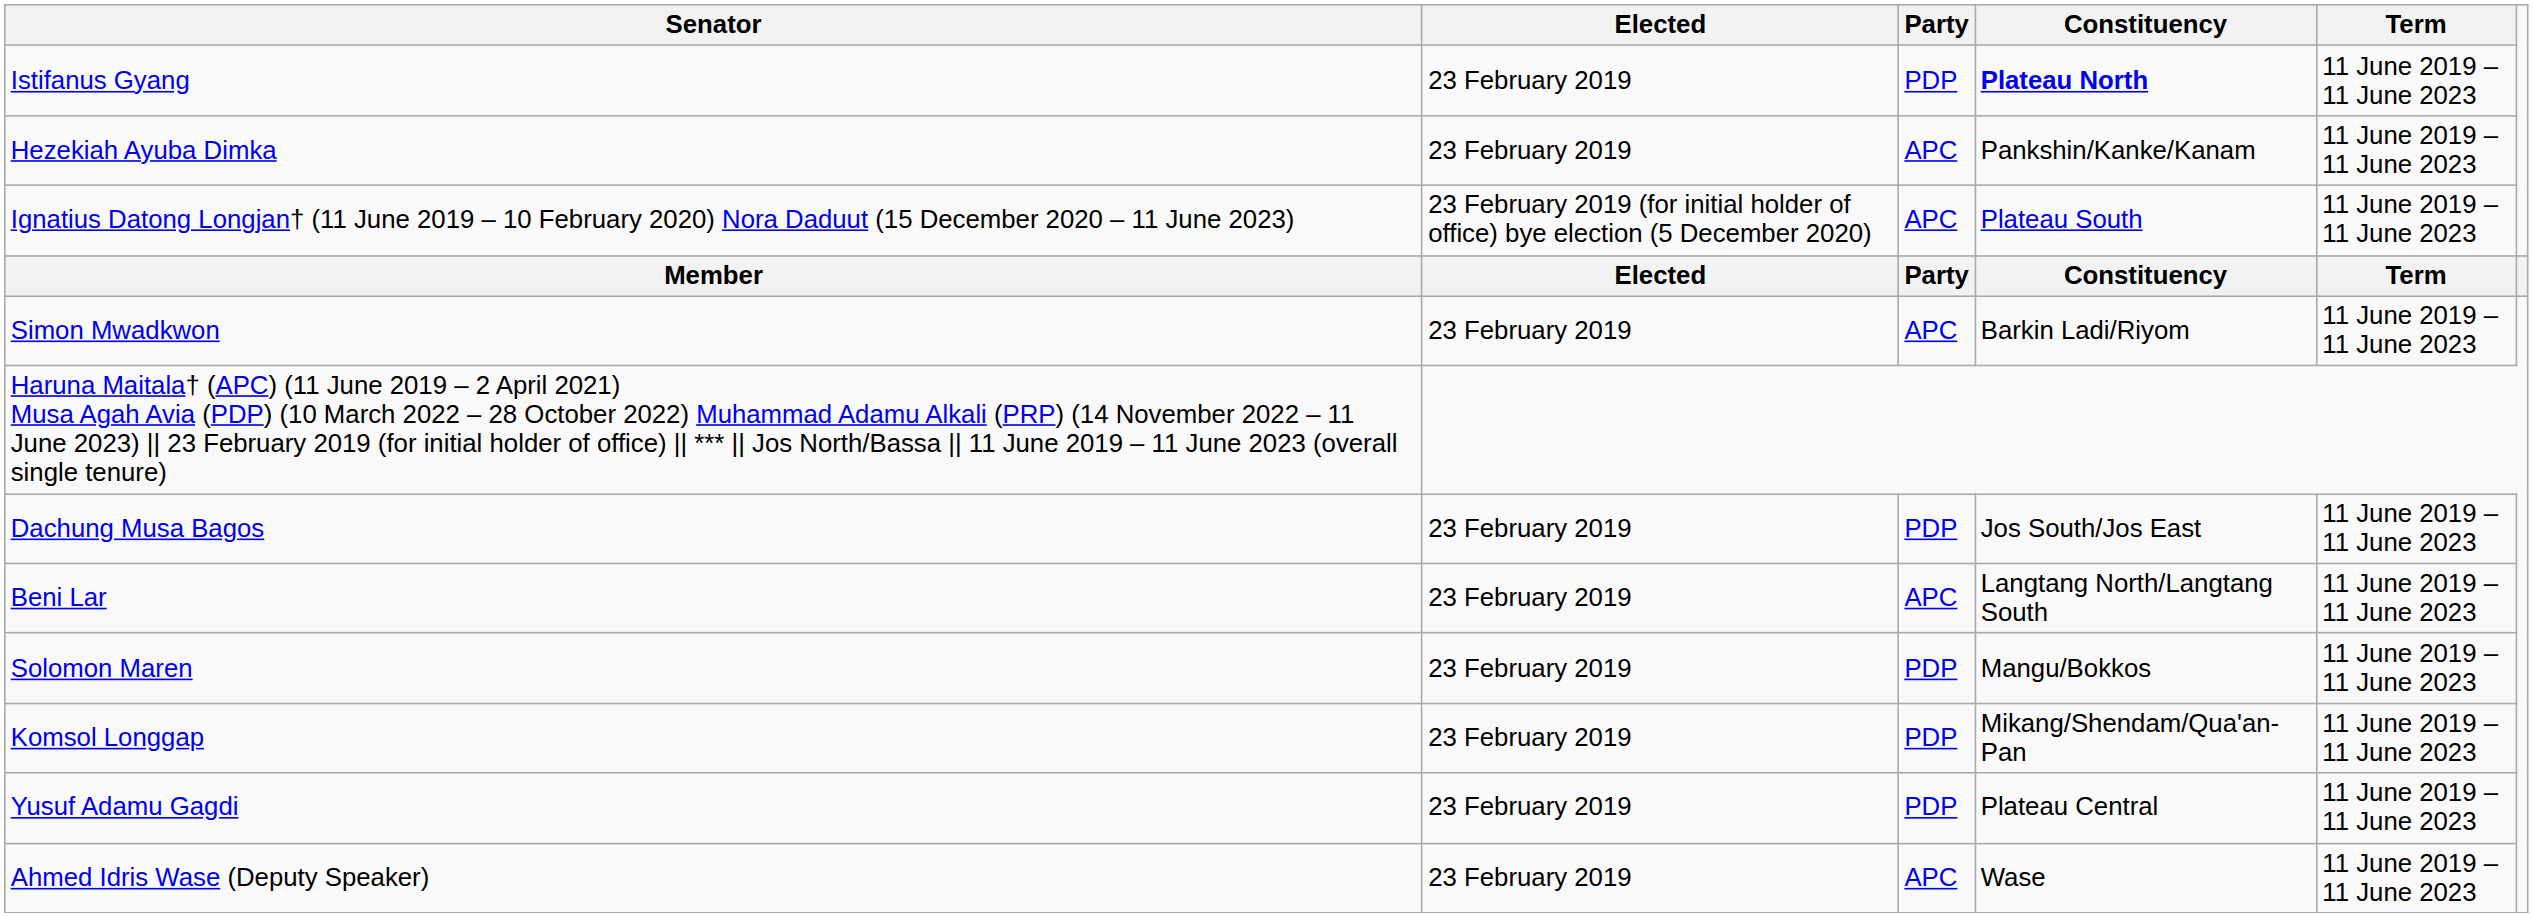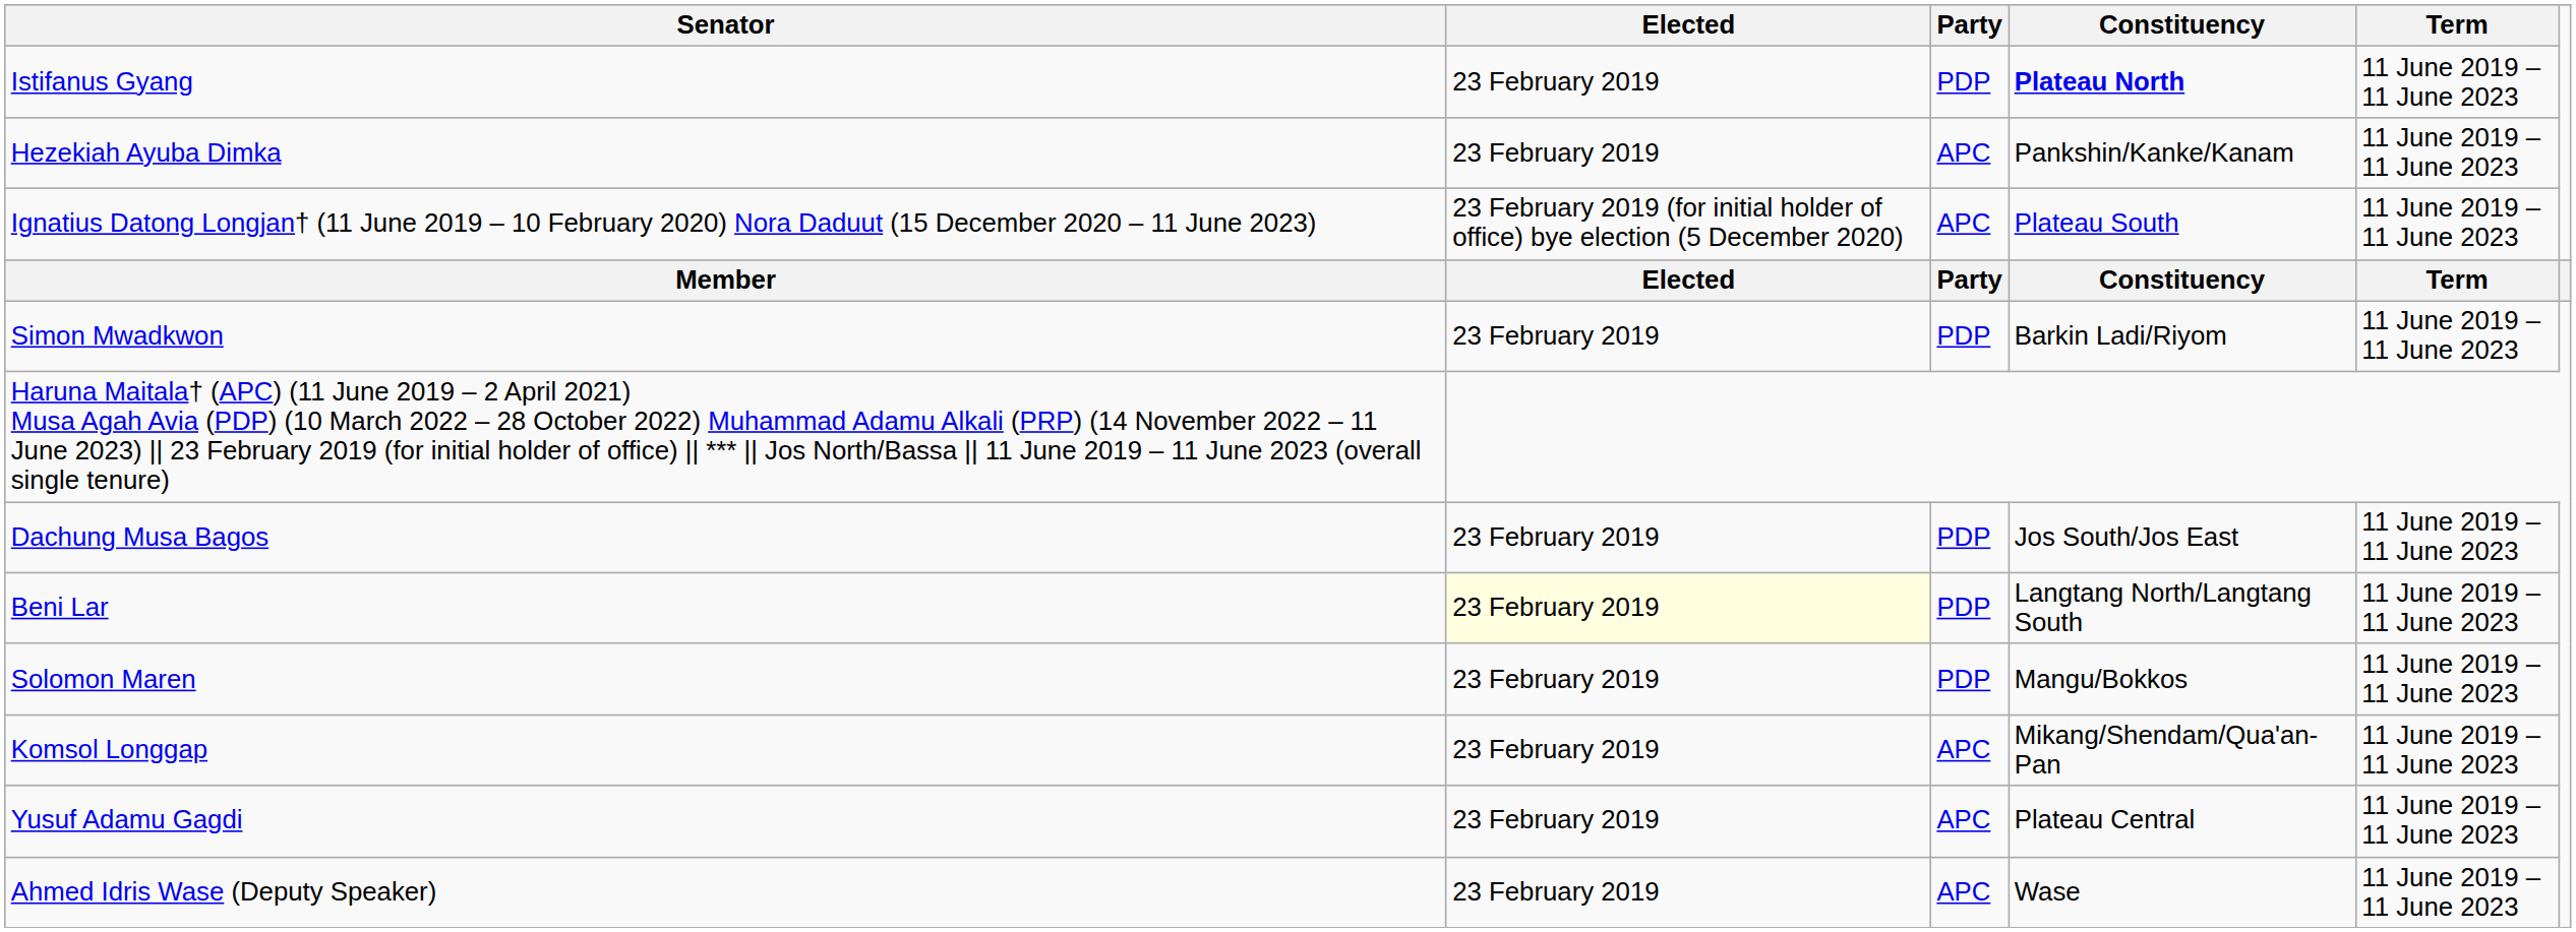 <table class="wikitable">
 <tr>
 <th>Senator</th>
 <th>Elected</th>
 <th>Party</th>
 <th>Constituency</th>
 <th>Term</th>
 </tr>
 <tr>
 <td><a href='#'>Istifanus Gyang</a></td>
 <td>23 February 2019</td>
 <td><a href='#'>PDP</a></td>
 <td><strong><a href='#'>Plateau North</a></strong></td>
 <td>11 June 2019 – 11 June 2023</td>
 </tr>
 <tr>
 <td><a href='#'>Hezekiah Ayuba Dimka</a></td>
 <td>23 February 2019</td>
 <td><a href='#'>APC</a></td>
 <td>Pankshin/Kanke/Kanam</td>
 <td>11 June 2019 – 11 June 2023</td>
 </tr>
 <tr>
 <td><a href='#'>Ignatius Datong Longjan</a>† (11 June 2019 – 10 February 2020) <a href='#'>Nora Daduut</a> (15 December 2020 – 11 June 2023)</td>
 <td>23 February 2019 (for initial holder of office) bye election (5 December 2020)</td>
 <td><a href='#'>APC</a></td>
 <td><a href='#'>Plateau South</a></td>
 <td>11 June 2019 – 11 June 2023</td>
 </tr>
 <tr>
 <th>Member</th>
 <th>Elected</th>
 <th>Party</th>
 <th>Constituency</th>
 <th>Term</th>
 <th></th>
 </tr>
 <tr>
 <td><a href='#'>Simon Mwadkwon</a></td>
 <td>23 February 2019</td>
-<td><a href='#'>APC</a></td>
+<td><a href='#'>PDP</a></td>
 <td>Barkin Ladi/Riyom</td>
 <td>11 June 2019 – 11 June 2023</td>
 </tr>
 <tr>
 <td><a href='#'>Haruna Maitala</a>† (<a href='#'>APC</a>) (11 June 2019 – 2 April 2021)<br><a href='#'>Musa Agah Avia</a> (<a href='#'>PDP</a>) (10 March 2022 – 28 October 2022)  <a href='#'>Muhammad Adamu Alkali</a> (<a href='#'>PRP</a>) (14 November 2022 – 11 June 2023) || 23 February 2019 (for initial holder of office) || *** || Jos North/Bassa || 11 June 2019 – 11 June 2023 (overall single tenure)</td>
 </tr>
 <tr>
 <td><a href='#'>Dachung Musa Bagos</a></td>
 <td>23 February 2019</td>
 <td><a href='#'>PDP</a></td>
 <td>Jos South/Jos East</td>
 <td>11 June 2019 – 11 June 2023</td>
 </tr>
 <tr>
 <td><a href='#'>Beni Lar</a></td>
-<td>23 February 2019</td>
-<td><a href='#'>APC</a></td>
+<td style="background: lightyellow;">23 February 2019</td>
+<td><a href='#'>PDP</a></td>
 <td>Langtang North/Langtang South</td>
 <td>11 June 2019 – 11 June 2023</td>
 </tr>
 <tr>
 <td><a href='#'>Solomon Maren</a></td>
 <td>23 February 2019</td>
 <td><a href='#'>PDP</a></td>
 <td>Mangu/Bokkos</td>
 <td>11 June 2019 – 11 June 2023</td>
 </tr>
 <tr>
 <td><a href='#'>Komsol Longgap</a></td>
 <td>23 February 2019</td>
-<td><a href='#'>PDP</a></td>
+<td><a href='#'>APC</a></td>
 <td>Mikang/Shendam/Qua'an-Pan</td>
 <td>11 June 2019 – 11 June 2023</td>
 </tr>
 <tr>
 <td><a href='#'>Yusuf Adamu Gagdi</a></td>
 <td>23 February 2019</td>
-<td><a href='#'>PDP</a></td>
+<td><a href='#'>APC</a></td>
 <td>Plateau Central</td>
 <td>11 June 2019 – 11 June 2023</td>
 </tr>
 <tr>
 <td><a href='#'>Ahmed Idris Wase</a> (Deputy Speaker)</td>
 <td>23 February 2019</td>
 <td><a href='#'>APC</a></td>
 <td>Wase</td>
 <td>11 June 2019 – 11 June 2023</td>
 </tr>
 </table>
